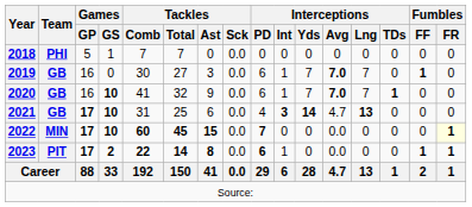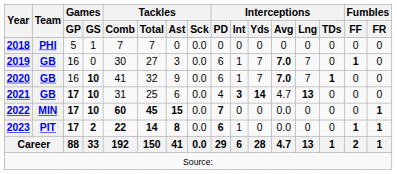 <table class="wikitable" style="text-align: center;">
 <tr>
 <th rowspan="2">Year</th>
 <th rowspan="2">Team</th>
 <th colspan="2">Games</th>
 <th colspan="4">Tackles</th>
 <th colspan="6">Interceptions</th>
 <th colspan="2">Fumbles</th>
 </tr>
 <tr>
 <th>GP</th>
 <th>GS</th>
 <th>Comb</th>
 <th>Total</th>
 <th>Ast</th>
 <th>Sck</th>
 <th>PD</th>
 <th>Int</th>
 <th>Yds</th>
 <th>Avg</th>
 <th>Lng</th>
 <th>TDs</th>
 <th>FF</th>
 <th>FR</th>
 </tr>
 <tr>
 <th><a href='#'>2018</a></th>
 <th><a href='#'>PHI</a></th>
 <td>5</td>
 <td>1</td>
 <td>7</td>
 <td>7</td>
 <td>0</td>
 <td>0.0</td>
 <td>0</td>
 <td>0</td>
 <td>0</td>
 <td>0</td>
 <td>0</td>
 <td>0</td>
 <td>0</td>
 <td>0</td>
 </tr>
 <tr>
 <th><a href='#'>2019</a></th>
 <th><a href='#'>GB</a></th>
 <td>16</td>
 <td>0</td>
 <td>30</td>
 <td>27</td>
 <td>3</td>
 <td>0.0</td>
 <td>6</td>
 <td>1</td>
 <td>7</td>
 <td><strong>7.0</strong></td>
 <td>7</td>
 <td>0</td>
 <td><strong>1</strong></td>
 <td>0</td>
 </tr>
 <tr>
 <th><a href='#'>2020</a></th>
 <th><a href='#'>GB</a></th>
 <td>16</td>
 <td><strong>10</strong></td>
 <td>41</td>
 <td>32</td>
 <td>9</td>
 <td>0.0</td>
 <td>6</td>
 <td>1</td>
 <td>7</td>
 <td><strong>7.0</strong></td>
 <td>7</td>
 <td><strong>1</strong></td>
 <td>0</td>
 <td>0</td>
 </tr>
 <tr>
 <th><a href='#'>2021</a></th>
 <th><a href='#'>GB</a></th>
 <td><strong>17</strong></td>
 <td><strong>10</strong></td>
 <td>31</td>
 <td>25</td>
 <td>6</td>
 <td>0.0</td>
 <td>4</td>
 <td><strong>3</strong></td>
 <td><strong>14</strong></td>
 <td>4.7</td>
 <td><strong>13</strong></td>
 <td>0</td>
 <td>0</td>
 <td>0</td>
 </tr>
 <tr>
 <th><a href='#'>2022</a></th>
 <th><a href='#'>MIN</a></th>
 <td><strong>17</strong></td>
 <td><strong>10</strong></td>
 <td><strong>60</strong></td>
 <td><strong>45</strong></td>
 <td><strong>15</strong></td>
 <td>0.0</td>
 <td><strong>7</strong></td>
 <td>0</td>
 <td>0</td>
 <td>0.0</td>
 <td>0</td>
 <td>0</td>
 <td>0</td>
-<td style="background: lightyellow;"><strong>1</strong></td>
+<td><strong>1</strong></td>
 </tr>
 <tr>
 <th><a href='#'>2023</a></th>
 <th><a href='#'>PIT</a></th>
 <td><strong>17</strong></td>
 <td><strong>2</strong></td>
 <td><strong>22</strong></td>
 <td><strong>14</strong></td>
 <td><strong>8</strong></td>
 <td>0.0</td>
 <td><strong>6</strong></td>
 <td>1</td>
 <td>0</td>
 <td>0.0</td>
 <td>0</td>
 <td>0</td>
 <td><strong>1</strong></td>
 <td><strong>1</strong></td>
 </tr>
 <tr>
 <th colspan="2">Career</th>
 <th>88</th>
 <th>33</th>
 <th>192</th>
 <th>150</th>
 <th>41</th>
 <th>0.0</th>
 <th>29</th>
 <th>6</th>
 <th>28</th>
 <th>4.7</th>
 <th>13</th>
 <th>1</th>
 <th>2</th>
 <th>1</th>
 </tr>
 <tr>
 <td colspan="17"><small>Source: </small></td>
 </tr>
 </table>
